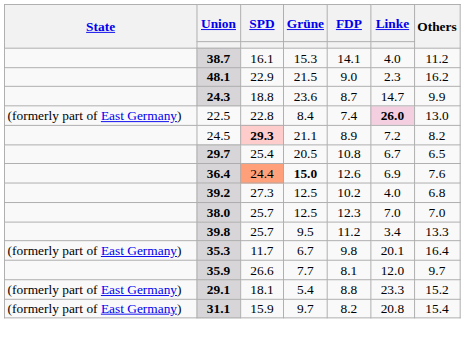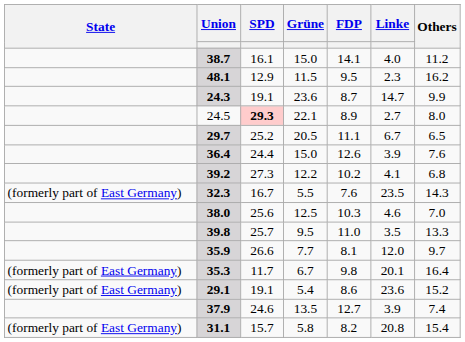 <table class="wikitable sortable" style="text-align:center;font-size:90%;line-height:14px">
 <tr style="height:40px;">
 <th style="width:200px;" rowspan="2"><a href='#'>State</a></th>
 <th style="width:40px;"><a href='#'>Union</a></th>
 <th style="width:40px;"><a href='#'>SPD</a></th>
 <th style="width:40px;"><a href='#'>Grüne</a></th>
 <th style="width:40px;"><a href='#'>FDP</a></th>
 <th style="width:40px;"><a href='#'>Linke</a></th>
 <th class="unsortable" style="width:40px;" rowspan="2">Others</th>
 </tr>
 <tr>
 <th style="background:"></th>
 <th style="background:"></th>
 <th style="background:"></th>
 <th style="background:"></th>
 <th style="background:"></th>
 </tr>
 <tr>
 <td align="left"></td>
 <td style="background:#D7D5D7;"><strong>38.7</strong></td>
 <td>16.1</td>
-<td>15.3</td>
+<td>15.0</td>
 <td>14.1</td>
 <td>4.0</td>
 <td>11.2</td>
 </tr>
 <tr>
 <td align="left"></td>
 <td style="background:#D7D5D7;"><strong>48.1</strong></td>
-<td>22.9</td>
-<td>21.5</td>
-<td>9.0</td>
+<td>12.9</td>
+<td>11.5</td>
+<td>9.5</td>
 <td>2.3</td>
 <td>16.2</td>
 </tr>
 <tr>
 <td align="left"></td>
 <td style="background:#D7D5D7;"><strong>24.3</strong></td>
-<td>18.8</td>
+<td>19.1</td>
 <td>23.6</td>
 <td>8.7</td>
 <td>14.7</td>
 <td>9.9</td>
 </tr>
 <tr>
-<td align="left"> (formerly part of <a href='#'>East Germany</a>)</td>
-<td>22.5</td>
-<td>22.8</td>
-<td>8.4</td>
-<td>7.4</td>
-<td style="background:#F3CFE0;"><strong>26.0</strong></td>
-<td>13.0</td>
-</tr>
-<tr>
 <td align="left"></td>
 <td>24.5</td>
 <td style="background:#FFCCCC"><strong>29.3</strong></td>
-<td>21.1</td>
+<td>22.1</td>
 <td>8.9</td>
-<td>7.2</td>
-<td>8.2</td>
+<td>2.7</td>
+<td>8.0</td>
 </tr>
 <tr>
 <td align="left"></td>
 <td style="background:#D7D5D7;"><strong>29.7</strong></td>
-<td>25.4</td>
+<td>25.2</td>
 <td>20.5</td>
-<td>10.8</td>
+<td>11.1</td>
 <td>6.7</td>
 <td>6.5</td>
 </tr>
 <tr>
 <td align="left"></td>
 <td style="background:#D7D5D7;"><strong>36.4</strong></td>
-<td style="background: lightsalmon;">24.4</td>
-<td><strong>15.0</strong></td>
+<td>24.4</td>
+<td>15.0</td>
 <td>12.6</td>
-<td>6.9</td>
+<td>3.9</td>
 <td>7.6</td>
 </tr>
 <tr>
 <td align="left"></td>
 <td style="background:#D7D5D7;"><strong>39.2</strong></td>
 <td>27.3</td>
-<td>12.5</td>
+<td>12.2</td>
 <td>10.2</td>
-<td>4.0</td>
+<td>4.1</td>
 <td>6.8</td>
+</tr>
+<tr>
+<td align="left"> (formerly part of <a href='#'>East Germany</a>)</td>
+<td style="background:#D7D5D7;"><strong>32.3</strong></td>
+<td>16.7</td>
+<td>5.5</td>
+<td>7.6</td>
+<td>23.5</td>
+<td>14.3</td>
 </tr>
 <tr>
 <td align="left"></td>
 <td style="background:#D7D5D7;"><strong>38.0</strong></td>
-<td>25.7</td>
+<td>25.6</td>
 <td>12.5</td>
-<td>12.3</td>
-<td>7.0</td>
+<td>10.3</td>
+<td>4.6</td>
 <td>7.0</td>
 </tr>
 <tr>
 <td align="left"></td>
 <td style="background:#D7D5D7;"><strong>39.8</strong></td>
 <td>25.7</td>
 <td>9.5</td>
-<td>11.2</td>
-<td>3.4</td>
+<td>11.0</td>
+<td>3.5</td>
 <td>13.3</td>
-</tr>
-<tr>
-<td align="left"> (formerly part of <a href='#'>East Germany</a>)</td>
-<td style="background:#D7D5D7;"><strong>35.3</strong></td>
-<td>11.7</td>
-<td>6.7</td>
-<td>9.8</td>
-<td>20.1</td>
-<td>16.4</td>
 </tr>
 <tr>
 <td align="left"></td>
 <td style="background:#D7D5D7;"><strong>35.9</strong></td>
 <td>26.6</td>
 <td>7.7</td>
 <td>8.1</td>
 <td>12.0</td>
 <td>9.7</td>
 </tr>
 <tr>
 <td align="left"> (formerly part of <a href='#'>East Germany</a>)</td>
+<td style="background:#D7D5D7;"><strong>35.3</strong></td>
+<td>11.7</td>
+<td>6.7</td>
+<td>9.8</td>
+<td>20.1</td>
+<td>16.4</td>
+</tr>
+<tr>
+<td align="left"> (formerly part of <a href='#'>East Germany</a>)</td>
 <td style="background:#D7D5D7;"><strong>29.1</strong></td>
-<td>18.1</td>
+<td>19.1</td>
 <td>5.4</td>
-<td>8.8</td>
-<td>23.3</td>
+<td>8.6</td>
+<td>23.6</td>
 <td>15.2</td>
+</tr>
+<tr>
+<td align="left"></td>
+<td style="background:#D7D5D7;"><strong>37.9</strong></td>
+<td>24.6</td>
+<td>13.5</td>
+<td>12.7</td>
+<td>3.9</td>
+<td>7.4</td>
 </tr>
 <tr>
 <td align="left"> (formerly part of <a href='#'>East Germany</a>)</td>
 <td style="background:#D7D5D7;"><strong>31.1</strong></td>
-<td>15.9</td>
-<td>9.7</td>
+<td>15.7</td>
+<td>5.8</td>
 <td>8.2</td>
 <td>20.8</td>
 <td>15.4</td>
 </tr>
 </table>
